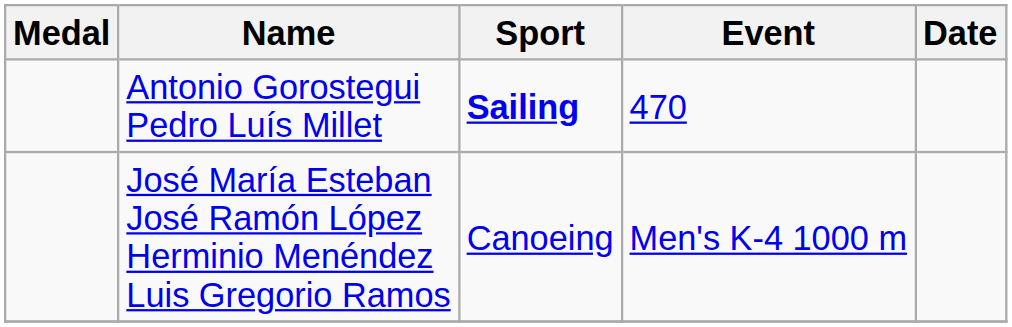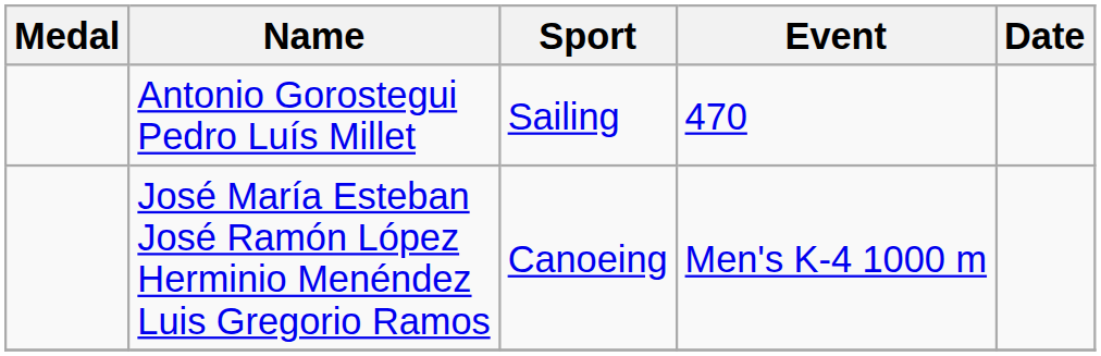 <table class="wikitable sortable"  style="font-size:95%">
 <tr>
 <th>Medal</th>
 <th>Name</th>
 <th>Sport</th>
 <th>Event</th>
 <th>Date</th>
 </tr>
 <tr>
 <td></td>
 <td><a href='#'>Antonio Gorostegui</a> <br> <a href='#'>Pedro Luís Millet</a></td>
-<td><strong><a href='#'>Sailing</a></strong></td>
+<td><a href='#'>Sailing</a></td>
 <td><a href='#'>470</a></td>
 <td></td>
 </tr>
 <tr>
 <td></td>
 <td><a href='#'>José María Esteban</a> <br> <a href='#'>José Ramón López</a> <br> <a href='#'>Herminio Menéndez</a> <br> <a href='#'>Luis Gregorio Ramos</a></td>
 <td><a href='#'>Canoeing</a></td>
 <td><a href='#'>Men's K-4 1000 m</a></td>
 <td></td>
 </tr>
 <tr>
 </tr>
 </table>
